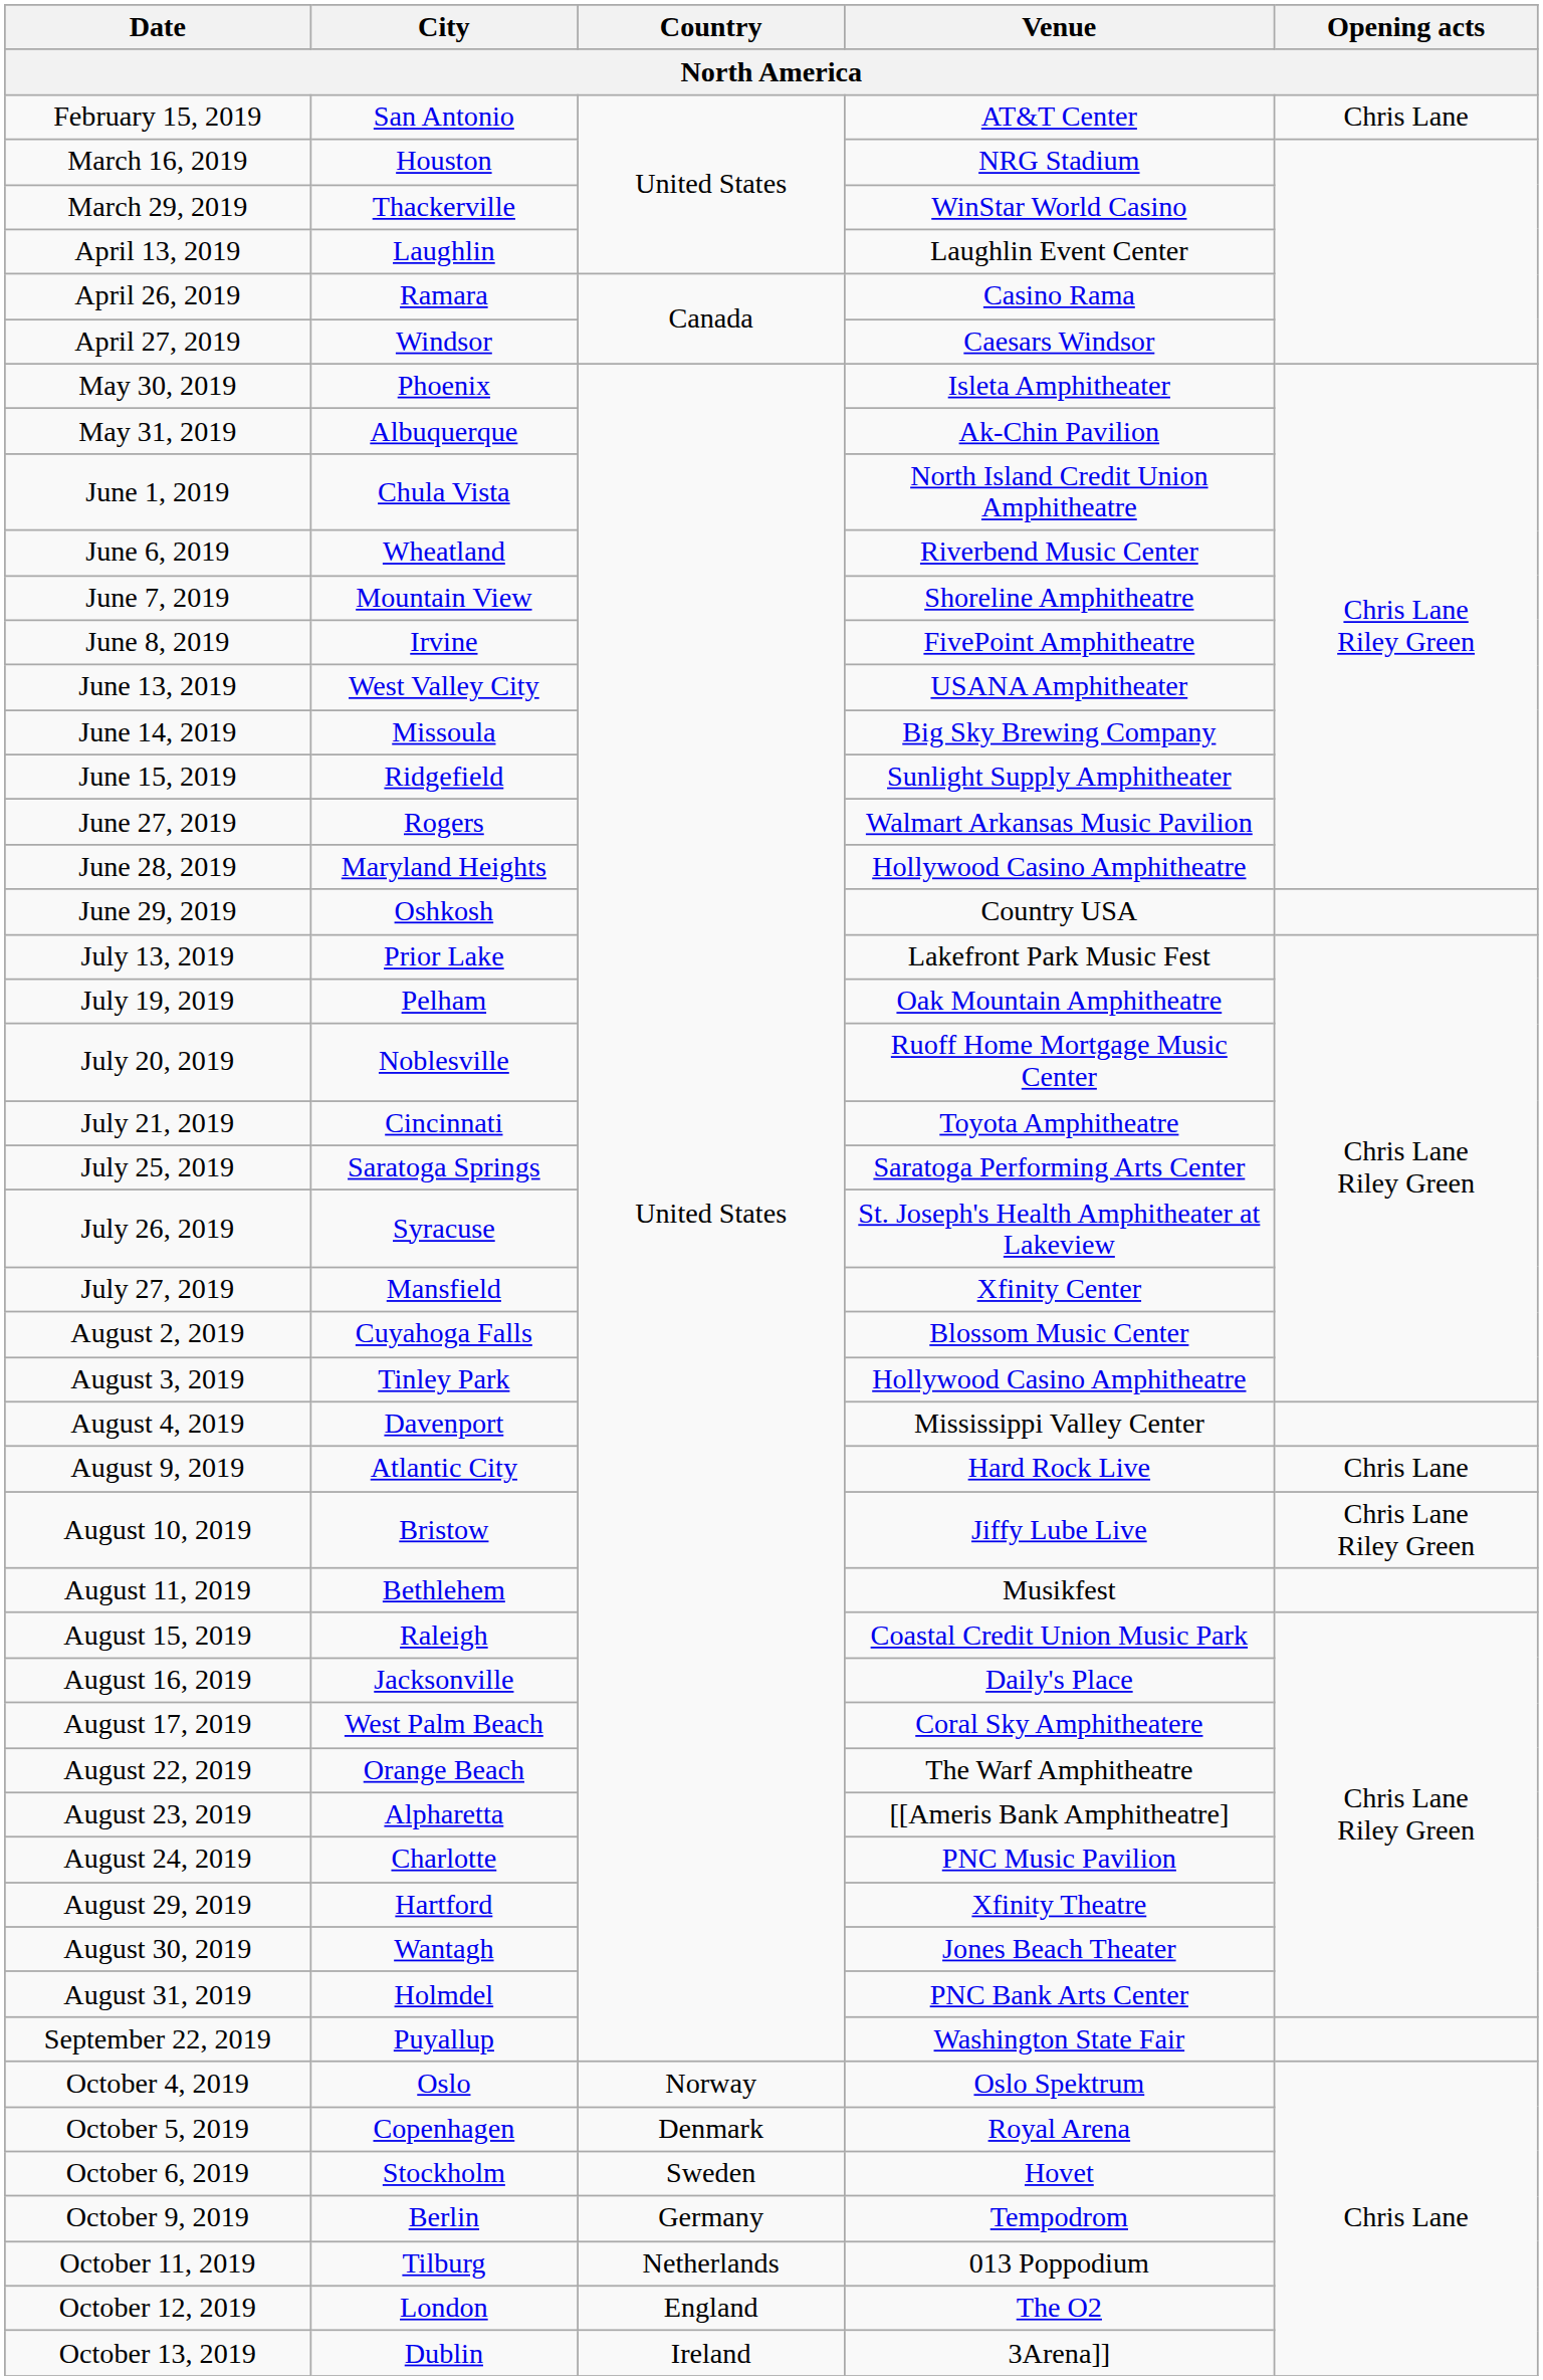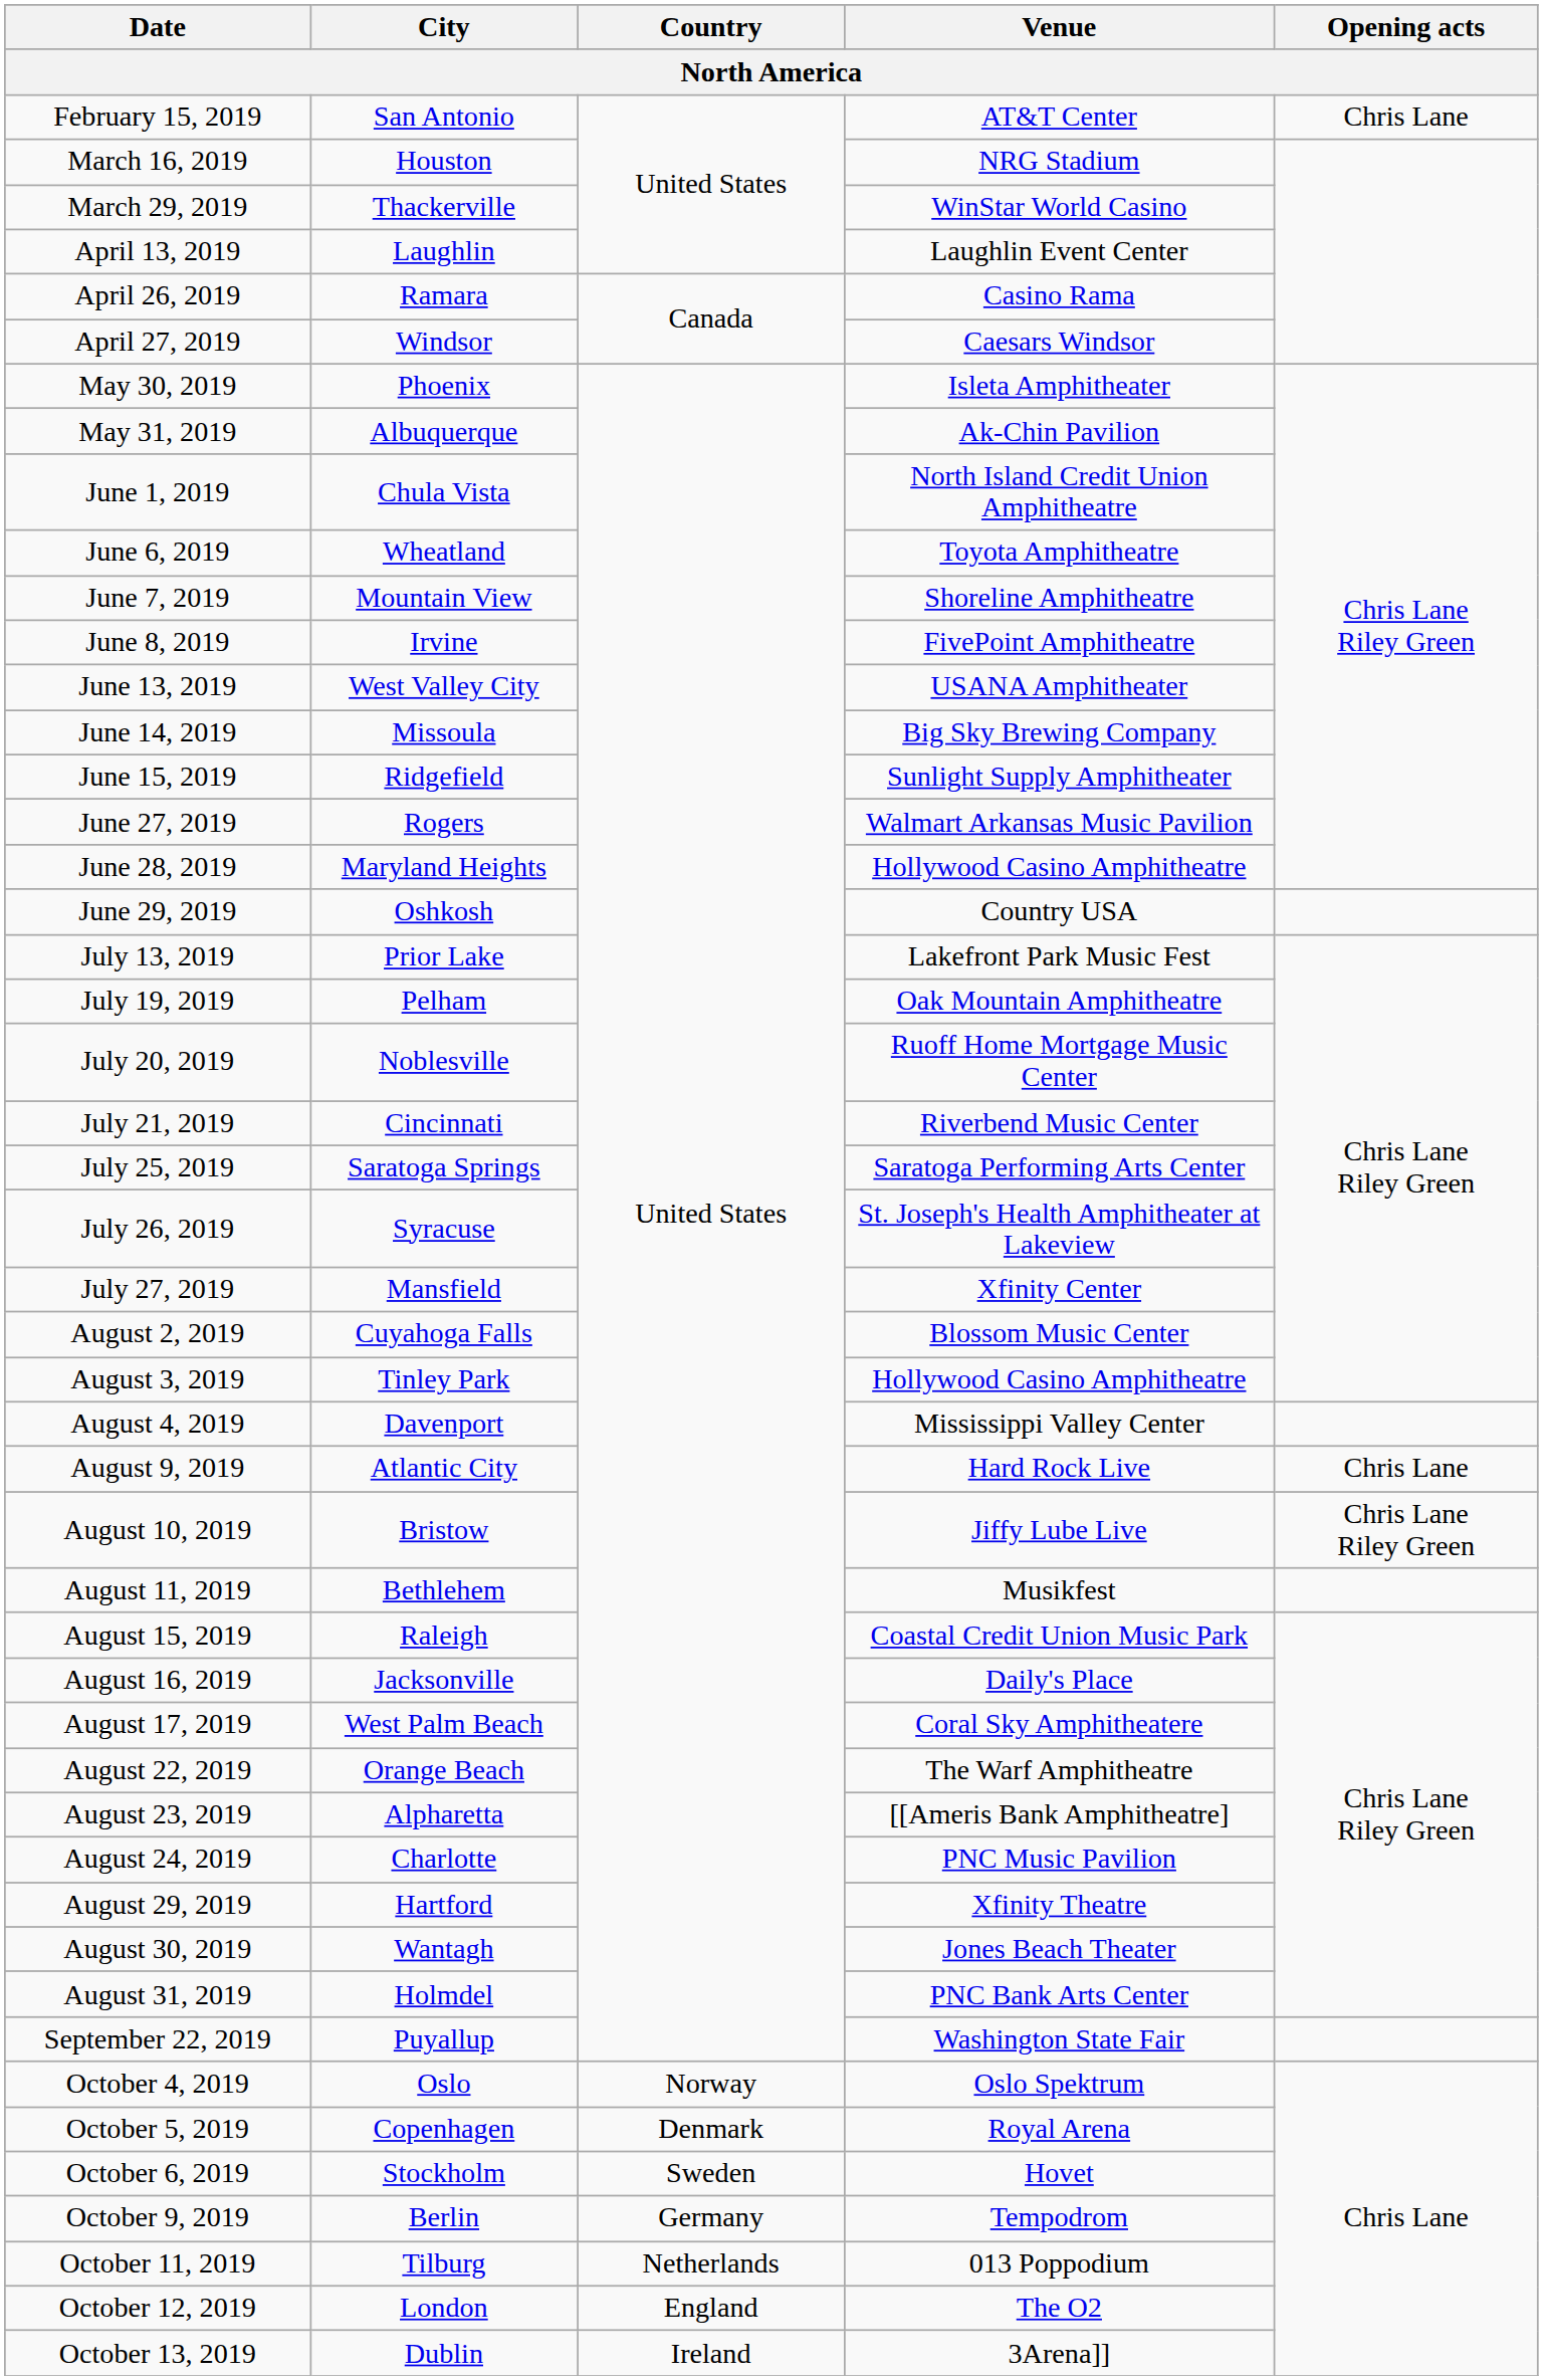 <table class="wikitable" style="text-align:center">
 <tr>
 <th style="width:175px;">Date</th>
 <th style="width:150px;">City</th>
 <th style="width:150px;">Country</th>
 <th style="width:250px;">Venue</th>
 <th style="width:150px;">Opening acts</th>
 </tr>
 <tr>
 <th colspan="5" style="text-align:center;">North America</th>
 </tr>
 <tr>
 <td>February 15, 2019</td>
 <td><a href='#'>San Antonio</a></td>
 <td rowspan="4">United States</td>
 <td><a href='#'>AT&T Center</a></td>
 <td>Chris Lane</td>
 </tr>
 <tr>
 <td>March 16, 2019</td>
 <td><a href='#'>Houston</a></td>
 <td><a href='#'>NRG Stadium</a></td>
 </tr>
 <tr>
 <td>March 29, 2019</td>
 <td><a href='#'>Thackerville</a></td>
 <td><a href='#'>WinStar World Casino</a></td>
 </tr>
 <tr>
 <td>April 13, 2019</td>
 <td><a href='#'>Laughlin</a></td>
 <td>Laughlin Event Center</td>
 </tr>
 <tr>
 <td>April 26, 2019</td>
 <td><a href='#'>Ramara</a></td>
 <td rowspan="2">Canada</td>
 <td><a href='#'>Casino Rama</a></td>
 </tr>
 <tr>
 <td>April 27, 2019</td>
 <td><a href='#'>Windsor</a></td>
 <td><a href='#'>Caesars Windsor</a></td>
 </tr>
 <tr>
 <td>May 30, 2019</td>
 <td><a href='#'>Phoenix</a></td>
 <td rowspan="35">United States</td>
 <td><a href='#'>Isleta Amphitheater</a></td>
 <td rowspan="11"><a href='#'>Chris Lane</a><br><a href='#'>Riley Green</a></td>
 </tr>
 <tr>
 <td>May 31, 2019</td>
 <td><a href='#'>Albuquerque</a></td>
 <td><a href='#'>Ak-Chin Pavilion</a></td>
 </tr>
 <tr>
 <td>June 1, 2019</td>
 <td><a href='#'>Chula Vista</a></td>
 <td><a href='#'>North Island Credit Union Amphitheatre</a></td>
 </tr>
 <tr>
 <td>June 6, 2019</td>
 <td><a href='#'>Wheatland</a></td>
-<td><a href='#'>Riverbend Music Center</a></td>
+<td><a href='#'>Toyota Amphitheatre</a></td>
 </tr>
 <tr>
 <td>June 7, 2019</td>
 <td><a href='#'>Mountain View</a></td>
 <td><a href='#'>Shoreline Amphitheatre</a></td>
 </tr>
 <tr>
 <td>June 8, 2019</td>
 <td><a href='#'>Irvine</a></td>
 <td><a href='#'>FivePoint Amphitheatre</a></td>
 </tr>
 <tr>
 <td>June 13, 2019</td>
 <td><a href='#'>West Valley City</a></td>
 <td><a href='#'>USANA Amphitheater</a></td>
 </tr>
 <tr>
 <td>June 14, 2019</td>
 <td><a href='#'>Missoula</a></td>
 <td><a href='#'>Big Sky Brewing Company</a></td>
 </tr>
 <tr>
 <td>June 15, 2019</td>
 <td><a href='#'>Ridgefield</a></td>
 <td><a href='#'>Sunlight Supply Amphitheater</a></td>
 </tr>
 <tr>
 <td>June 27, 2019</td>
 <td><a href='#'>Rogers</a></td>
 <td><a href='#'>Walmart Arkansas Music Pavilion</a></td>
 </tr>
 <tr>
 <td>June 28, 2019</td>
 <td><a href='#'>Maryland Heights</a></td>
 <td><a href='#'>Hollywood Casino Amphitheatre</a></td>
 </tr>
 <tr>
 <td>June 29, 2019</td>
 <td><a href='#'>Oshkosh</a></td>
 <td>Country USA</td>
 <td></td>
 </tr>
 <tr>
 <td>July 13, 2019</td>
 <td><a href='#'>Prior Lake</a></td>
 <td>Lakefront Park Music Fest</td>
 <td rowspan="9">Chris Lane<br>Riley Green</td>
 </tr>
 <tr>
 <td>July 19, 2019</td>
 <td><a href='#'>Pelham</a></td>
 <td><a href='#'>Oak Mountain Amphitheatre</a></td>
 </tr>
 <tr>
 <td>July 20, 2019</td>
 <td><a href='#'>Noblesville</a></td>
 <td><a href='#'>Ruoff Home Mortgage Music Center</a></td>
 </tr>
 <tr>
 <td>July 21, 2019</td>
 <td><a href='#'>Cincinnati</a></td>
-<td><a href='#'>Toyota Amphitheatre</a></td>
+<td><a href='#'>Riverbend Music Center</a></td>
 </tr>
 <tr>
 <td>July 25, 2019</td>
 <td><a href='#'>Saratoga Springs</a></td>
 <td><a href='#'>Saratoga Performing Arts Center</a></td>
 </tr>
 <tr>
 <td>July 26, 2019</td>
 <td><a href='#'>Syracuse</a></td>
 <td><a href='#'>St. Joseph's Health Amphitheater at Lakeview</a></td>
 </tr>
 <tr>
 <td>July 27, 2019</td>
 <td><a href='#'>Mansfield</a></td>
 <td><a href='#'>Xfinity Center</a></td>
 </tr>
 <tr>
 <td>August 2, 2019</td>
 <td><a href='#'>Cuyahoga Falls</a></td>
 <td><a href='#'>Blossom Music Center</a></td>
 </tr>
 <tr>
 <td>August 3, 2019</td>
 <td><a href='#'>Tinley Park</a></td>
 <td><a href='#'>Hollywood Casino Amphitheatre</a></td>
 </tr>
 <tr>
 <td>August 4, 2019</td>
 <td><a href='#'>Davenport</a></td>
 <td>Mississippi Valley Center</td>
 <td></td>
 </tr>
 <tr>
 <td>August 9, 2019</td>
 <td><a href='#'>Atlantic City</a></td>
 <td><a href='#'>Hard Rock Live</a></td>
 <td>Chris Lane</td>
 </tr>
 <tr>
 <td>August 10, 2019</td>
 <td><a href='#'>Bristow</a></td>
 <td><a href='#'>Jiffy Lube Live</a></td>
 <td>Chris Lane<br>Riley Green</td>
 </tr>
 <tr>
 <td>August 11, 2019</td>
 <td><a href='#'>Bethlehem</a></td>
 <td>Musikfest</td>
 <td></td>
 </tr>
 <tr>
 <td>August 15, 2019</td>
 <td><a href='#'>Raleigh</a></td>
 <td><a href='#'>Coastal Credit Union Music Park</a></td>
 <td rowspan="9">Chris Lane<br>Riley Green</td>
 </tr>
 <tr>
 <td>August 16, 2019</td>
 <td><a href='#'>Jacksonville</a></td>
 <td><a href='#'>Daily's Place</a></td>
 </tr>
 <tr>
 <td>August 17, 2019</td>
 <td><a href='#'>West Palm Beach</a></td>
 <td><a href='#'>Coral Sky Amphitheatere</a></td>
 </tr>
 <tr>
 <td>August 22, 2019</td>
 <td><a href='#'>Orange Beach</a></td>
 <td>The Warf Amphitheatre</td>
 </tr>
 <tr>
 <td>August 23, 2019</td>
 <td><a href='#'>Alpharetta</a></td>
 <td>[[Ameris Bank Amphitheatre]</td>
 </tr>
 <tr>
 <td>August 24, 2019</td>
 <td><a href='#'>Charlotte</a></td>
 <td><a href='#'>PNC Music Pavilion</a></td>
 </tr>
 <tr>
 <td>August 29, 2019</td>
 <td><a href='#'>Hartford</a></td>
 <td><a href='#'>Xfinity Theatre</a></td>
 </tr>
 <tr>
 <td>August 30, 2019</td>
 <td><a href='#'>Wantagh</a></td>
 <td><a href='#'>Jones Beach Theater</a></td>
 </tr>
 <tr>
 <td>August 31, 2019</td>
 <td><a href='#'>Holmdel</a></td>
 <td><a href='#'>PNC Bank Arts Center</a></td>
 </tr>
 <tr>
 <td>September 22, 2019</td>
 <td><a href='#'>Puyallup</a></td>
 <td><a href='#'>Washington State Fair</a></td>
 <td></td>
 </tr>
 <tr>
 <td>October 4, 2019</td>
 <td><a href='#'>Oslo</a></td>
 <td>Norway</td>
 <td><a href='#'>Oslo Spektrum</a></td>
 <td rowspan="7">Chris Lane</td>
 </tr>
 <tr>
 <td>October 5, 2019</td>
 <td><a href='#'>Copenhagen</a></td>
 <td>Denmark</td>
 <td><a href='#'>Royal Arena</a></td>
 </tr>
 <tr>
 <td>October 6, 2019</td>
 <td><a href='#'>Stockholm</a></td>
 <td>Sweden</td>
 <td><a href='#'>Hovet</a></td>
 </tr>
 <tr>
 <td>October 9, 2019</td>
 <td><a href='#'>Berlin</a></td>
 <td>Germany</td>
 <td><a href='#'>Tempodrom</a></td>
 </tr>
 <tr>
 <td>October 11, 2019</td>
 <td><a href='#'>Tilburg</a></td>
 <td>Netherlands</td>
 <td>013 Poppodium</td>
 </tr>
 <tr>
 <td>October 12, 2019</td>
 <td><a href='#'>London</a></td>
 <td>England</td>
 <td><a href='#'>The O2</a></td>
 </tr>
 <tr>
 <td>October 13, 2019</td>
 <td><a href='#'>Dublin</a></td>
 <td>Ireland</td>
 <td 3Arena (Dublin)>3Arena]]</td>
 </tr>
 </table>
